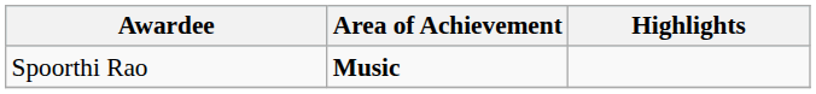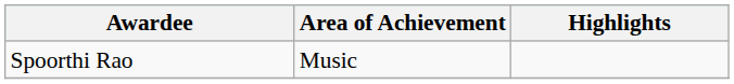 <table class="wikitable">
 <tr style="background:#b0e0e6; text-align:center;">
 <th style="width:40%;"><strong>Awardee</strong></th>
 <th style="width:30%;"><strong>Area of Achievement</strong></th>
 <th style="width:30%;"><strong>Highlights</strong></th>
 </tr>
 <tr>
 <td>Spoorthi Rao</td>
-<td><strong>Music</strong></td>
+<td>Music</td>
 <td></td>
 </tr>
 <tr>
 </tr>
 </table>
